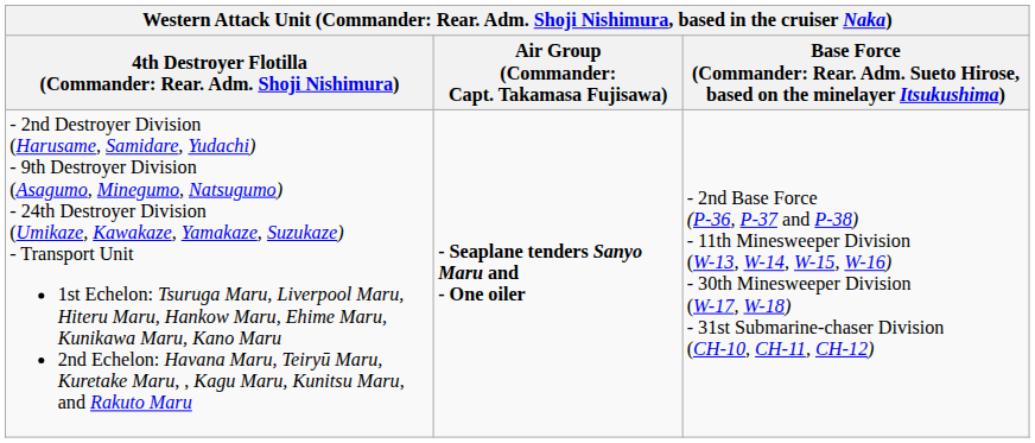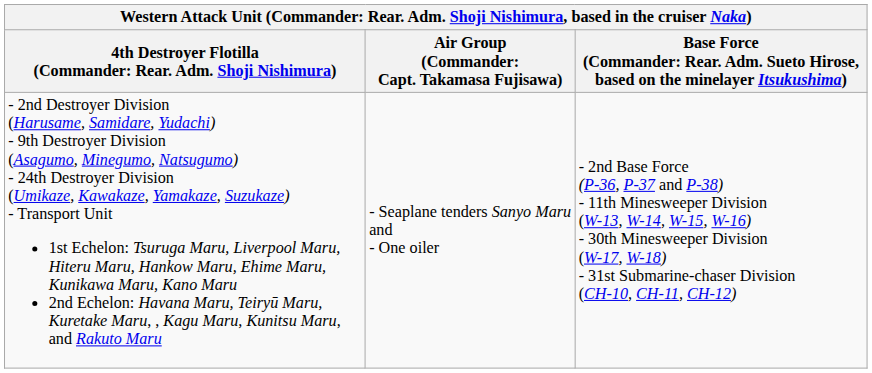 <table class="wikitable" | style="width: 855px"|>
 <tr>
 <th colspan="3">Western Attack Unit (Commander: Rear. Adm. <a href='#'>Shoji Nishimura</a>, based in the cruiser <em><a href='#'>Naka</a></em>)</th>
 </tr>
 <tr>
 <th>4th Destroyer Flotilla<br>(Commander: Rear. Adm. <a href='#'>Shoji Nishimura</a>)</th>
 <th><strong>Air Group</strong><br>(Commander:<br>Capt. Takamasa Fujisawa)</th>
 <th><strong>Base Force</strong><br>(Commander: Rear. Adm. Sueto Hirose,<br>based on the minelayer <em><a href='#'>Itsukushima</a></em>)</th>
 </tr>
 <tr>
 <td - style="width: 350px">- 2nd Destroyer Division<br>(<em><a href='#'>Harusame</a>, <a href='#'>Samidare</a>, <a href='#'>Yudachi</a>)</em><br>- 9th Destroyer Division<br>(<em><a href='#'>Asagumo</a>, <a href='#'>Minegumo</a>, <a href='#'>Natsugumo</a>)</em><br>- 24th Destroyer Division<br>(<em><a href='#'>Umikaze</a>, <a href='#'>Kawakaze</a>, <a href='#'>Yamakaze</a>, <a href='#'>Suzukaze</a>)</em><br>- Transport Unit<ul><li>1st Echelon: <em>Tsuruga Maru, Liverpool Maru, Hiteru Maru, Hankow Maru, Ehime Maru, Kunikawa Maru, Kano Maru</em></li><li>2nd Echelon: <em>Havana Maru, Teiryū Maru, Kuretake Maru</em>, , <em>Kagu Maru, Kunitsu Maru</em>, and <em><a href='#'>Rakuto Maru</a></em></li></ul></td>
-<td - style="width: 200px"><strong>- Seaplane tenders <em>Sanyo Maru</em> and <br>- One oiler</strong></td>
+<td - style="width: 200px">- Seaplane tenders <em>Sanyo Maru</em> and <br>- One oiler</td>
 <td>- 2nd Base Force<br><em>(<a href='#'>P-36</a>, <a href='#'>P-37</a></em> and <em><a href='#'>P-38</a>)</em><br>- 11th Minesweeper Division<br>(<em><a href='#'>W-13</a>, <a href='#'>W-14</a>, <a href='#'>W-15</a>, <a href='#'>W-16</a>)</em><br>- 30th Minesweeper Division<br>(<em><a href='#'>W-17</a>, <a href='#'>W-18</a>)</em><br>- 31st Submarine-chaser Division<br>(<a href='#'><em>CH-10</em></a><em>, <a href='#'>CH-11</a>, <a href='#'>CH-12</a>)</em></td>
 </tr>
 </table>
